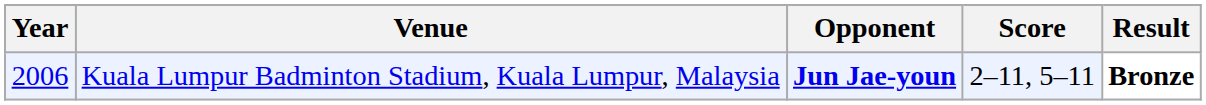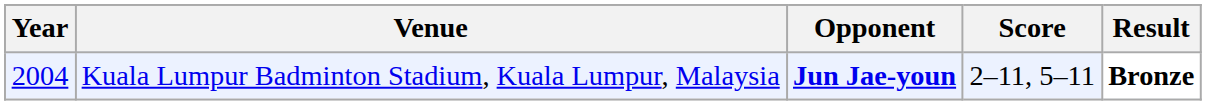 <table class="sortable wikitable" style="font-size:90%;">
 <tr>
 <th>Year</th>
 <th>Venue</th>
 <th>Opponent</th>
 <th>Score</th>
 <th>Result</th>
 </tr>
 <tr style="background:#ECF2FF">
-<td align="center"><a href='#'>2006</a></td>
+<td align="center"><a href='#'>2004</a></td>
 <td align="left"><a href='#'>Kuala Lumpur Badminton Stadium</a>, <a href='#'>Kuala Lumpur</a>, <a href='#'>Malaysia</a></td>
 <td align="left"><strong> <a href='#'>Jun Jae-youn</a></strong></td>
 <td align="left">2–11, 5–11</td>
 <td style="text-align:left; background:white"> <strong>Bronze</strong></td>
 </tr>
 </table>
